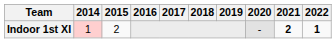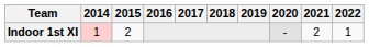 <table class="wikitable" style="font-size:85%; text-align:center;">
 <tr>
 <th scope="col">Team</th>
 <th scope="col">2014</th>
 <th scope="col">2015</th>
 <th scope="col">2016</th>
 <th scope="col">2017</th>
 <th scope="col">2018</th>
 <th scope="col">2019</th>
 <th scope="col">2020</th>
 <th scope="col">2021</th>
 <th scope="col">2022</th>
 </tr>
 <tr>
 <th scope="col">Indoor 1st XI</th>
 <td bgcolor="#ffcfcf">1</td>
 <td>2</td>
 <td bgcolor="#ececec" colspan="4"></td>
 <td bgcolor="#e2e2e2">-</td>
-<td><strong>2</strong></td>
-<td><strong>1</strong></td>
+<td>2</td>
+<td>1</td>
 </tr>
 </table>
